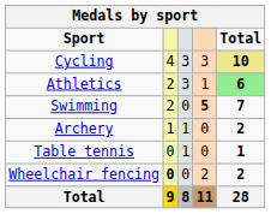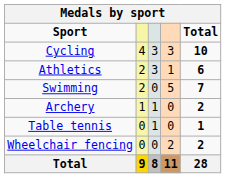 <table class="wikitable" style="font-size:95%">
 <tr style="background:#efefef;">
 <th colspan=5>Medals by sport</th>
 </tr>
 <tr style="text-align:center;">
 <td><strong>Sport</strong></td>
 <td bgcolor=#f7f6a8></td>
 <td bgcolor=#dce5e5></td>
 <td bgcolor=#ffdab9></td>
 <td><strong>Total</strong></td>
 </tr>
 <tr style="text-align:center;">
 <td><a href='#'>Cycling</a></td>
 <td style="background:#F7F6A8;">4</td>
 <td style="background:#DCE5E5;">3</td>
 <td style="background:#FFDAB9;">3</td>
-<td style="background: khaki;"><strong>10</strong></td>
+<td><strong>10</strong></td>
 </tr>
 <tr style="text-align:center;">
 <td><a href='#'>Athletics</a></td>
 <td style="background:#F7F6A8;">2</td>
 <td style="background:#DCE5E5;">3</td>
 <td style="background:#FFDAB9;">1</td>
-<td style="background: lightgreen;"><strong>6</strong></td>
+<td><strong>6</strong></td>
 </tr>
 <tr style="text-align:center;">
 <td><a href='#'>Swimming</a></td>
 <td style="background:#F7F6A8;">2</td>
 <td style="background:#DCE5E5;">0</td>
-<td style="background:#FFDAB9;"><strong>5</strong></td>
+<td style="background:#FFDAB9;">5</td>
 <td><strong>7</strong></td>
 </tr>
 <tr style="text-align:center;">
 <td><a href='#'>Archery</a></td>
 <td style="background:#F7F6A8;">1</td>
 <td style="background:#DCE5E5;">1</td>
 <td style="background:#FFDAB9;">0</td>
 <td><strong>2</strong></td>
 </tr>
 <tr style="text-align:center;">
 <td><a href='#'>Table tennis</a></td>
 <td style="background:#F7F6A8;">0</td>
 <td style="background:#DCE5E5;">1</td>
 <td style="background:#FFDAB9;">0</td>
 <td><strong>1</strong></td>
 </tr>
 <tr style="text-align:center;">
 <td><a href='#'>Wheelchair fencing</a></td>
-<td style="background:#F7F6A8;"><strong>0</strong></td>
+<td style="background:#F7F6A8;">0</td>
 <td style="background:#DCE5E5;">0</td>
 <td style="background:#FFDAB9;">2</td>
 <td><strong>2</strong></td>
 </tr>
 <tr style="text-align:center;">
 <th>Total</th>
 <th style="background:gold;">9</th>
 <th style="background:silver;">8</th>
 <th style="background:#c96;">11</th>
 <th>28</th>
 </tr>
 </table>
